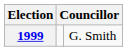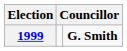 <table class="wikitable" style="text-align:center">
 <tr>
 <th>Election</th>
 <th colspan=2>Councillor</th>
 </tr>
 <tr>
 <th><a href='#'>1999</a></th>
 <td style="background-color: "></td>
-<td>G. Smith</td>
+<td><strong>G. Smith</strong></td>
 </tr>
 </table>
